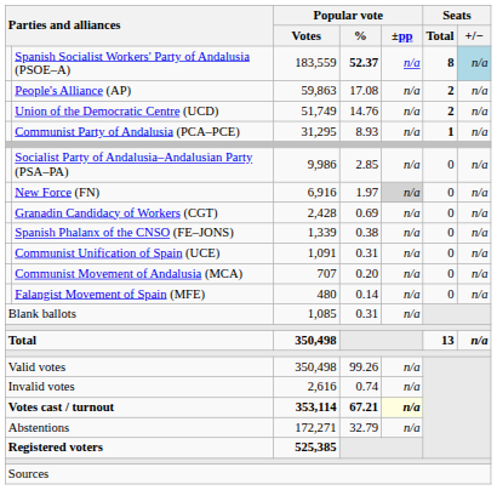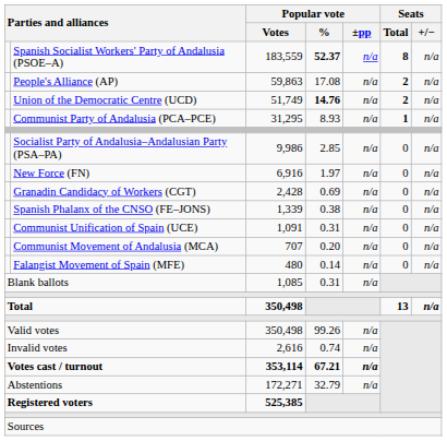 <table class="wikitable" style="text-align:right;">
 <tr>
 <th style="text-align:left;" rowspan="2" colspan="2" width="525">Parties and alliances</th>
 <th colspan="3">Popular vote</th>
 <th colspan="2">Seats</th>
 </tr>
 <tr>
 <th width="75">Votes</th>
 <th width="45">%</th>
 <th width="45">±<a href='#'>pp</a></th>
 <th width="35">Total</th>
 <th width="35">+/−</th>
 </tr>
 <tr>
 <td width="1" style="color:inherit;background:"></td>
 <td align="left"><a href='#'>Spanish Socialist Workers' Party of Andalusia</a> (PSOE–A)</td>
 <td>183,559</td>
 <td><strong>52.37</strong></td>
 <td><em><a href='#'>n/a</a></em></td>
 <td><strong>8</strong></td>
-<td style="background: lightblue;"><em>n/a</em></td>
+<td><em>n/a</em></td>
 </tr>
 <tr>
 <td style="color:inherit;background:"></td>
 <td align="left"><a href='#'>People's Alliance</a> (AP)</td>
 <td>59,863</td>
 <td>17.08</td>
 <td><em>n/a</em></td>
 <td><strong>2</strong></td>
 <td><em>n/a</em></td>
 </tr>
 <tr>
 <td style="color:inherit;background:"></td>
 <td align="left"><a href='#'>Union of the Democratic Centre</a> (UCD)</td>
 <td>51,749</td>
-<td>14.76</td>
+<td><strong>14.76</strong></td>
 <td><em>n/a</em></td>
 <td><strong>2</strong></td>
 <td><em>n/a</em></td>
 </tr>
 <tr>
 <td style="color:inherit;background:"></td>
 <td align="left"><a href='#'>Communist Party of Andalusia</a> (PCA–PCE)</td>
 <td>31,295</td>
 <td>8.93</td>
 <td><em>n/a</em></td>
 <td><strong>1</strong></td>
 <td><em>n/a</em></td>
 </tr>
 <tr>
 <td colspan="7" bgcolor="#C0C0C0"></td>
 </tr>
 <tr>
 <td style="color:inherit;background:"></td>
 <td align="left"><a href='#'>Socialist Party of Andalusia–Andalusian Party</a> (PSA–PA)</td>
 <td>9,986</td>
 <td>2.85</td>
 <td><em>n/a</em></td>
 <td>0</td>
 <td><em>n/a</em></td>
 </tr>
 <tr>
 <td style="color:inherit;background:"></td>
 <td align="left"><a href='#'>New Force</a> (FN)</td>
 <td>6,916</td>
 <td>1.97</td>
-<td style="background: lightgrey;"><em>n/a</em></td>
+<td><em>n/a</em></td>
 <td>0</td>
 <td><em>n/a</em></td>
 </tr>
 <tr>
 <td style="color:inherit;background:"></td>
 <td align="left"><a href='#'>Granadin Candidacy of Workers</a> (CGT)</td>
 <td>2,428</td>
 <td>0.69</td>
 <td><em>n/a</em></td>
 <td>0</td>
 <td><em>n/a</em></td>
 </tr>
 <tr>
 <td style="color:inherit;background:"></td>
 <td align="left"><a href='#'>Spanish Phalanx of the CNSO</a> (FE–JONS)</td>
 <td>1,339</td>
 <td>0.38</td>
 <td><em>n/a</em></td>
 <td>0</td>
 <td><em>n/a</em></td>
 </tr>
 <tr>
 <td style="color:inherit;background:"></td>
 <td align="left"><a href='#'>Communist Unification of Spain</a> (UCE)</td>
 <td>1,091</td>
 <td>0.31</td>
 <td><em>n/a</em></td>
 <td>0</td>
 <td><em>n/a</em></td>
 </tr>
 <tr>
 <td style="color:inherit;background:"></td>
 <td align="left"><a href='#'>Communist Movement of Andalusia</a> (MCA)</td>
 <td>707</td>
 <td>0.20</td>
 <td><em>n/a</em></td>
 <td>0</td>
 <td><em>n/a</em></td>
 </tr>
 <tr>
 <td style="color:inherit;background:"></td>
 <td align="left"><a href='#'>Falangist Movement of Spain</a> (MFE)</td>
 <td>480</td>
 <td>0.14</td>
 <td><em>n/a</em></td>
 <td>0</td>
 <td><em>n/a</em></td>
 </tr>
 <tr>
 <td align="left" colspan="2">Blank ballots</td>
 <td>1,085</td>
 <td>0.31</td>
 <td><em>n/a</em></td>
 <td bgcolor="#E9E9E9" colspan="2"></td>
 </tr>
 <tr>
 <td colspan="7" bgcolor="#E9E9E9"></td>
 </tr>
 <tr style="font-weight:bold;">
 <td align="left" colspan="2">Total</td>
 <td>350,498</td>
 <td bgcolor="#E9E9E9" colspan="2"></td>
 <td>13</td>
 <td><em>n/a</em></td>
 </tr>
 <tr>
 <td colspan="7" bgcolor="#E9E9E9"></td>
 </tr>
 <tr>
 <td align="left" colspan="2">Valid votes</td>
 <td>350,498</td>
 <td>99.26</td>
 <td><em>n/a</em></td>
 <td bgcolor="#E9E9E9" colspan="2" rowspan="5"></td>
 </tr>
 <tr>
 <td align="left" colspan="2">Invalid votes</td>
 <td>2,616</td>
 <td>0.74</td>
 <td><em>n/a</em></td>
 </tr>
 <tr style="font-weight:bold;">
 <td align="left" colspan="2">Votes cast / turnout</td>
 <td>353,114</td>
 <td>67.21</td>
-<td style="background: lightyellow;"><em>n/a</em></td>
+<td><em>n/a</em></td>
 </tr>
 <tr>
 <td align="left" colspan="2">Abstentions</td>
 <td>172,271</td>
 <td>32.79</td>
 <td><em>n/a</em></td>
 </tr>
 <tr style="font-weight:bold;">
 <td align="left" colspan="2">Registered voters</td>
 <td>525,385</td>
 <td bgcolor="#E9E9E9" colspan="2"></td>
 </tr>
 <tr>
 <td colspan="7" bgcolor="#E9E9E9"></td>
 </tr>
 <tr>
 <td align="left" colspan="7">Sources</td>
 </tr>
 </table>
